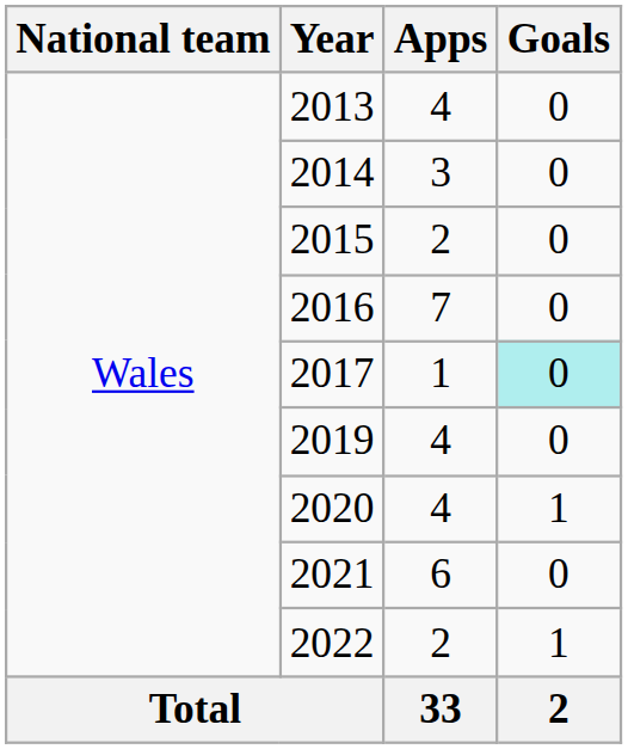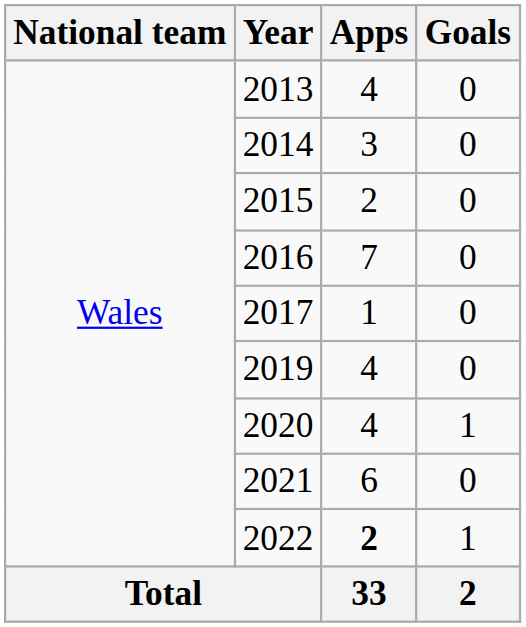 <table class="wikitable" style="text-align: center;">
 <tr>
 <th>National team</th>
 <th>Year</th>
 <th>Apps</th>
 <th>Goals</th>
 </tr>
 <tr>
 <td rowspan="9"><a href='#'>Wales</a></td>
 <td>2013</td>
 <td>4</td>
 <td>0</td>
 </tr>
 <tr>
 <td>2014</td>
 <td>3</td>
 <td>0</td>
 </tr>
 <tr>
 <td>2015</td>
 <td>2</td>
 <td>0</td>
 </tr>
 <tr>
 <td>2016</td>
 <td>7</td>
 <td>0</td>
 </tr>
 <tr>
 <td>2017</td>
 <td>1</td>
-<td style="background: paleturquoise;">0</td>
+<td>0</td>
 </tr>
 <tr>
 <td>2019</td>
 <td>4</td>
 <td>0</td>
 </tr>
 <tr>
 <td>2020</td>
 <td>4</td>
 <td>1</td>
 </tr>
 <tr>
 <td>2021</td>
 <td>6</td>
 <td>0</td>
 </tr>
 <tr>
 <td>2022</td>
-<td>2</td>
+<td><strong>2</strong></td>
 <td>1</td>
 </tr>
 <tr>
 <th colspan=2>Total</th>
 <th>33</th>
 <th>2</th>
 </tr>
 </table>
